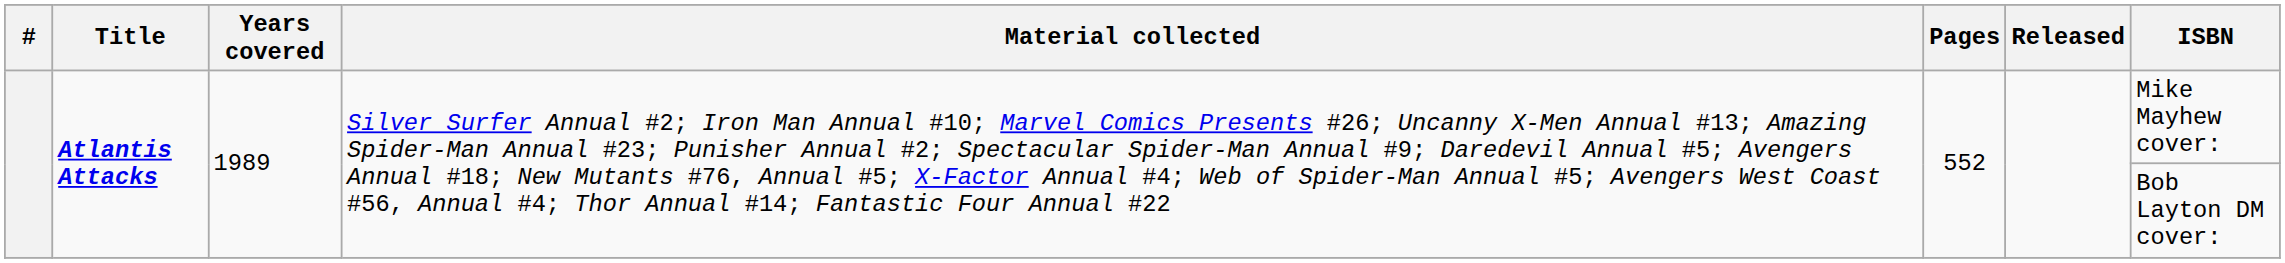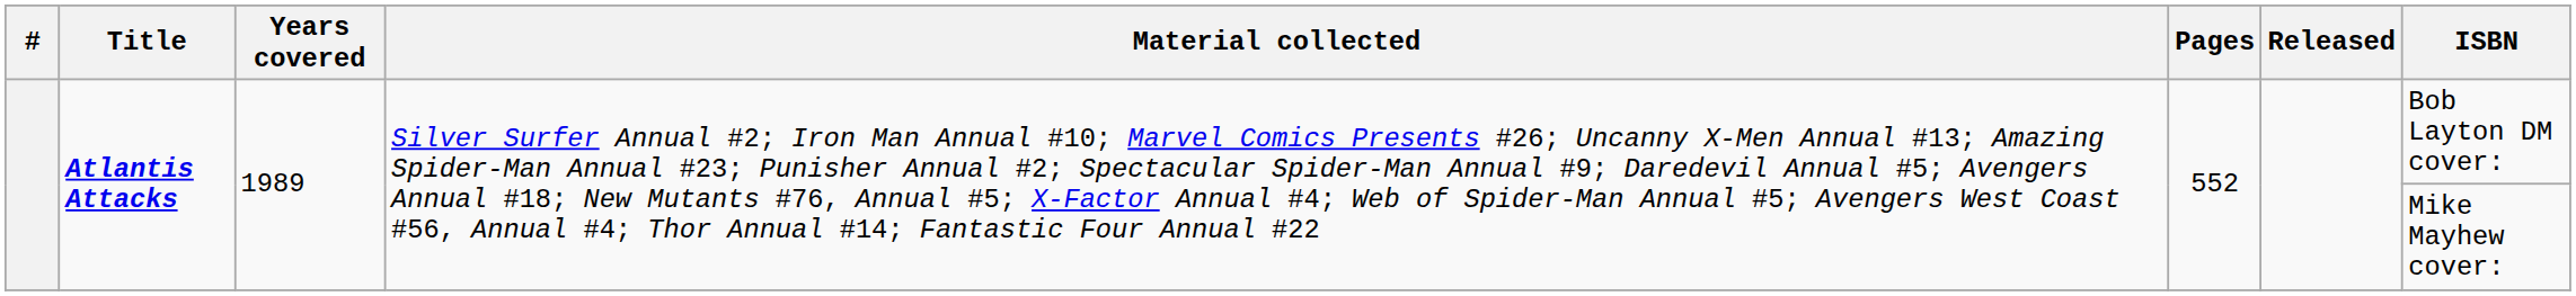 <table class="wikitable sortable" width="99%">
 <tr>
 <th class="unsortable" width="20px">#</th>
 <th>Title</th>
 <th>Years covered</th>
 <th class="unsortable">Material collected</th>
 <th>Pages</th>
 <th>Released</th>
 <th class="unsortable">ISBN</th>
 </tr>
 <tr>
 <th rowspan="2" style="background-color: light grey;"></th>
 <td rowspan="2"><strong><em><a href='#'>Atlantis Attacks</a></em></strong></td>
 <td rowspan="2">1989</td>
 <td rowspan="2"><em><a href='#'>Silver Surfer</a> Annual</em> #2; <em>Iron Man Annual</em> #10; <em><a href='#'>Marvel Comics Presents</a></em> #26; <em>Uncanny X-Men Annual</em> #13; <em>Amazing Spider-Man Annual</em> #23; <em>Punisher Annual</em> #2; <em>Spectacular Spider-Man Annual</em> #9; <em>Daredevil Annual</em> #5; <em>Avengers Annual</em> #18; <em>New Mutants</em> #76, <em>Annual</em> #5; <em><a href='#'>X-Factor</a> Annual</em> #4; <em>Web of Spider-Man Annual</em> #5; <em>Avengers West Coast</em> #56, <em>Annual</em> #4; <em>Thor Annual</em> #14; <em>Fantastic Four Annual</em> #22</td>
 <td rowspan="2" style="text-align: center;">552</td>
 <td rowspan="2"></td>
+<td>Bob Layton DM cover: </td>
+</tr>
+<tr>
 <td>Mike Mayhew cover: </td>
 </tr>
-<tr>
-<td>Bob Layton DM cover: </td>
-</tr>
 </table>
